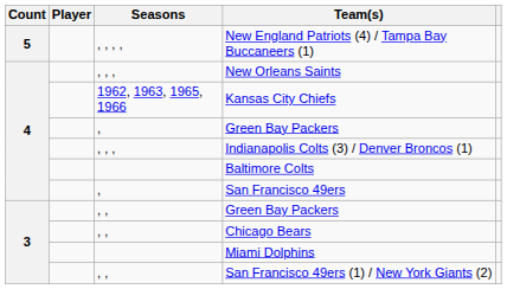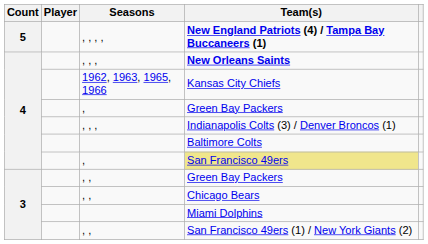 <table class="sortable wikitable">
 <tr>
 <th scope=col>Count</th>
 <th scope=col>Player</th>
 <th scope=col>Seasons</th>
 <th scope=col>Team(s)</th>
 <th scope=col class= "unsortable"></th>
 </tr>
 <tr>
 <th scope=row>5</th>
 <td></td>
 <td>, , , , </td>
-<td><a href='#'>New England Patriots</a> (4) / <a href='#'>Tampa Bay Buccaneers</a> (1)</td>
+<td><strong><a href='#'>New England Patriots</a> (4) / <a href='#'>Tampa Bay Buccaneers</a> (1)</strong></td>
 <td></td>
 </tr>
 <tr>
 <th scope=rowgroup rowspan=6>4</th>
 <td></td>
 <td>, , , </td>
-<td><a href='#'>New Orleans Saints</a></td>
+<td><strong><a href='#'>New Orleans Saints</a></strong></td>
 <td></td>
 </tr>
 <tr>
 <td></td>
 <td><a href='#'>1962</a>, <a href='#'>1963</a>, <a href='#'>1965</a>, <a href='#'>1966</a></td>
 <td><a href='#'>Kansas City Chiefs</a></td>
 <td></td>
 </tr>
 <tr>
 <td></td>
 <td>, </td>
 <td><a href='#'>Green Bay Packers</a></td>
 <td></td>
 </tr>
 <tr>
 <td></td>
 <td>, , , </td>
 <td><a href='#'>Indianapolis Colts</a> (3) / <a href='#'>Denver Broncos</a> (1)</td>
 <td></td>
 </tr>
 <tr>
 <td></td>
 <td></td>
 <td><a href='#'>Baltimore Colts</a></td>
 <td></td>
 </tr>
 <tr>
 <td></td>
 <td>, </td>
-<td><a href='#'>San Francisco 49ers</a></td>
+<td style="background: khaki;"><a href='#'>San Francisco 49ers</a></td>
 <td></td>
 </tr>
 <tr>
 <th scope=rowgroup rowspan=4>3</th>
 <td></td>
 <td>, , </td>
 <td><a href='#'>Green Bay Packers</a></td>
 <td></td>
 </tr>
 <tr>
 <td></td>
 <td>, , </td>
 <td><a href='#'>Chicago Bears</a></td>
 <td></td>
 </tr>
 <tr>
 <td></td>
 <td></td>
 <td><a href='#'>Miami Dolphins</a></td>
 <td></td>
 </tr>
 <tr>
 <td></td>
 <td>, , </td>
 <td><a href='#'>San Francisco 49ers</a> (1) / <a href='#'>New York Giants</a> (2)</td>
 <td></td>
 </tr>
 </table>
